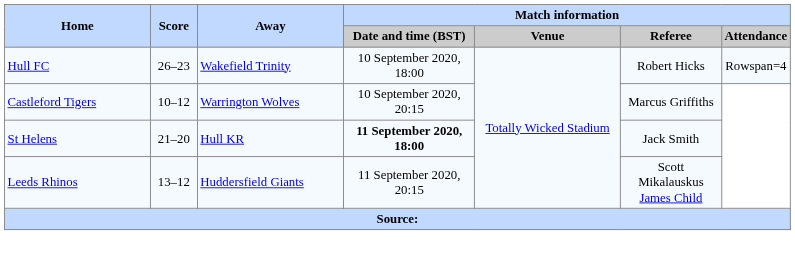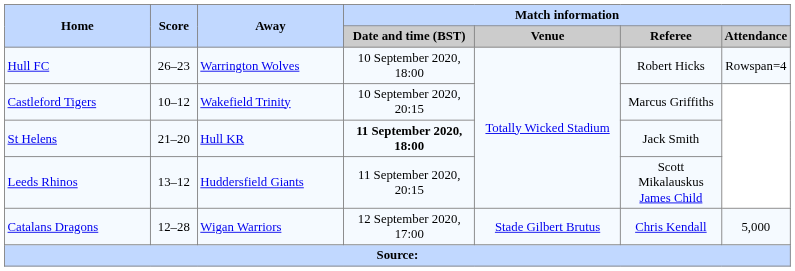 <table border=1 style="border-collapse:collapse; font-size:90%; text-align:center;" cellpadding=3 cellspacing=0 width=100%>
 <tr bgcolor=#C1D8FF>
 <th rowspan=2 width=19%>Home</th>
 <th rowspan=2 width=6%>Score</th>
 <th rowspan=2 width=19%>Away</th>
 <th colspan=4>Match information</th>
 </tr>
 <tr bgcolor=#CCCCCC>
 <th width=17%>Date and time (BST)</th>
 <th width=19%>Venue</th>
 <th width=13%>Referee</th>
 <th width=19%>Attendance</th>
 </tr>
 <tr bgcolor=#F5FAFF>
 <td align=left> <a href='#'>Hull FC</a></td>
 <td>26–23</td>
-<td align=left> <a href='#'>Wakefield Trinity</a></td>
+<td align=left> <a href='#'>Warrington Wolves</a></td>
 <td>10 September 2020, 18:00</td>
 <td Rowspan=4><a href='#'>Totally Wicked Stadium</a></td>
 <td>Robert Hicks</td>
 <td>Rowspan=4</td>
 </tr>
 <tr bgcolor=#F5FAFF>
 <td align=left> <a href='#'>Castleford Tigers</a></td>
 <td>10–12</td>
-<td align=left> <a href='#'>Warrington Wolves</a></td>
+<td align=left> <a href='#'>Wakefield Trinity</a></td>
 <td>10 September 2020, 20:15</td>
 <td>Marcus Griffiths</td>
 </tr>
 <tr bgcolor=#F5FAFF>
 <td align=left> <a href='#'>St Helens</a></td>
 <td>21–20</td>
 <td align=left> <a href='#'>Hull KR</a></td>
 <td><strong>11 September 2020, 18:00</strong></td>
 <td>Jack Smith</td>
 </tr>
 <tr bgcolor=#F5FAFF>
 <td align=left> <a href='#'>Leeds Rhinos</a></td>
 <td>13–12</td>
 <td align=left> <a href='#'>Huddersfield Giants</a></td>
 <td>11 September 2020, 20:15</td>
 <td>Scott Mikalauskus <br> <a href='#'>James Child</a></td>
 </tr>
+<tr bgcolor=#F5FAFF>
+<td align=left> <a href='#'>Catalans Dragons</a></td>
+<td>12–28</td>
+<td align=left> <a href='#'>Wigan Warriors</a></td>
+<td>12 September 2020, 17:00</td>
+<td><a href='#'>Stade Gilbert Brutus</a></td>
+<td><a href='#'>Chris Kendall</a></td>
+<td>5,000</td>
+</tr>
 <tr style="background:#c1d8ff;">
 <th colspan=7>Source:</th>
 </tr>
 </table>
